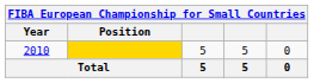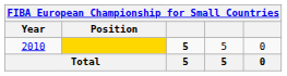 <table class="wikitable" style="text-align: center;font-size:90%;">
 <tr>
 <th colspan=5><a href='#'>FIBA European Championship for Small Countries</a></th>
 </tr>
 <tr>
 <th>Year</th>
 <th>Position</th>
 <th width=40></th>
 <th width=40></th>
 <th width=40></th>
 </tr>
 <tr>
 <td> <a href='#'>2010</a></td>
 <td bgcolor=gold></td>
-<td>5</td>
+<td><strong>5</strong></td>
 <td>5</td>
 <td>0</td>
 </tr>
 <tr>
 <th colspan=2>Total</th>
 <th>5</th>
 <th>5</th>
 <th>0</th>
 </tr>
 </table>
